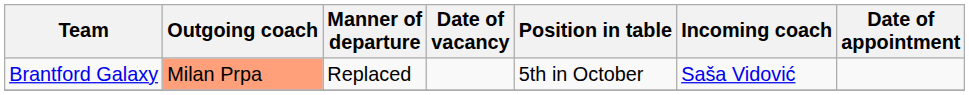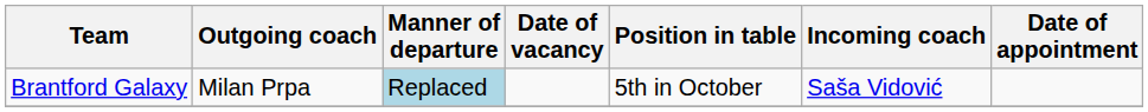 <table class="wikitable sortable">
 <tr>
 <th>Team</th>
 <th>Outgoing coach</th>
 <th>Manner of <br> departure</th>
 <th>Date of <br> vacancy</th>
 <th>Position in table</th>
 <th>Incoming coach</th>
 <th>Date of <br> appointment</th>
 </tr>
 <tr>
 <td><a href='#'>Brantford Galaxy</a></td>
-<td style="background: lightsalmon;">Milan Prpa </td>
-<td>Replaced</td>
+<td>Milan Prpa </td>
+<td style="background: lightblue;">Replaced</td>
 <td></td>
 <td>5th in October</td>
 <td> <a href='#'>Saša Vidović</a></td>
 <td></td>
 </tr>
 <tr>
 </tr>
 </table>
